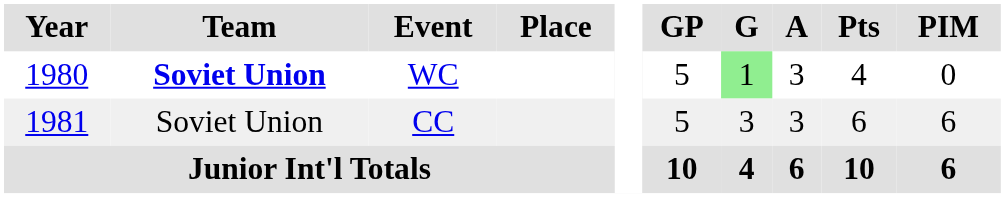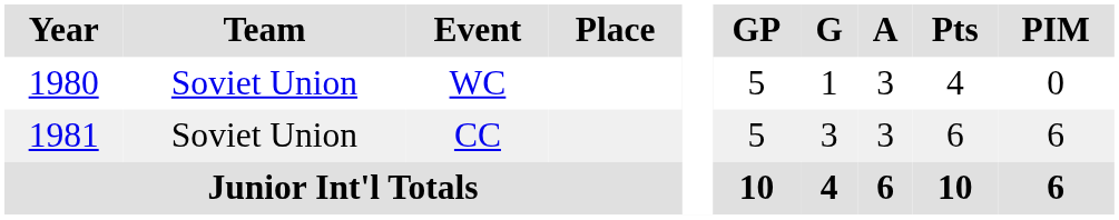 <table BORDER="0" CELLPADDING="3" CELLSPACING="0" width=40%>
 <tr ALIGN="center" bgcolor="#e0e0e0">
 <th>Year</th>
 <th>Team</th>
 <th>Event</th>
 <th>Place</th>
 <th ALIGN="center" rowspan="99" bgcolor="#ffffff"> </th>
 <th>GP</th>
 <th>G</th>
 <th>A</th>
 <th>Pts</th>
 <th>PIM</th>
 </tr>
 <tr ALIGN="center">
 <td><a href='#'>1980</a></td>
-<td><strong><a href='#'>Soviet Union</a></strong></td>
+<td><a href='#'>Soviet Union</a></td>
 <td><a href='#'>WC</a></td>
 <td></td>
 <td>5</td>
-<td style="background: lightgreen;">1</td>
+<td>1</td>
 <td>3</td>
 <td>4</td>
 <td>0</td>
 </tr>
 <tr ALIGN="center"  bgcolor="f0f0f0">
 <td><a href='#'>1981</a></td>
 <td>Soviet Union</td>
 <td><a href='#'>CC</a></td>
 <td></td>
 <td>5</td>
 <td>3</td>
 <td>3</td>
 <td>6</td>
 <td>6</td>
 </tr>
 <tr ALIGN="center" bgcolor="#e0e0e0">
 <th colspan=4>Junior Int'l Totals</th>
 <th>10</th>
 <th>4</th>
 <th>6</th>
 <th>10</th>
 <th>6</th>
 </tr>
 </table>
